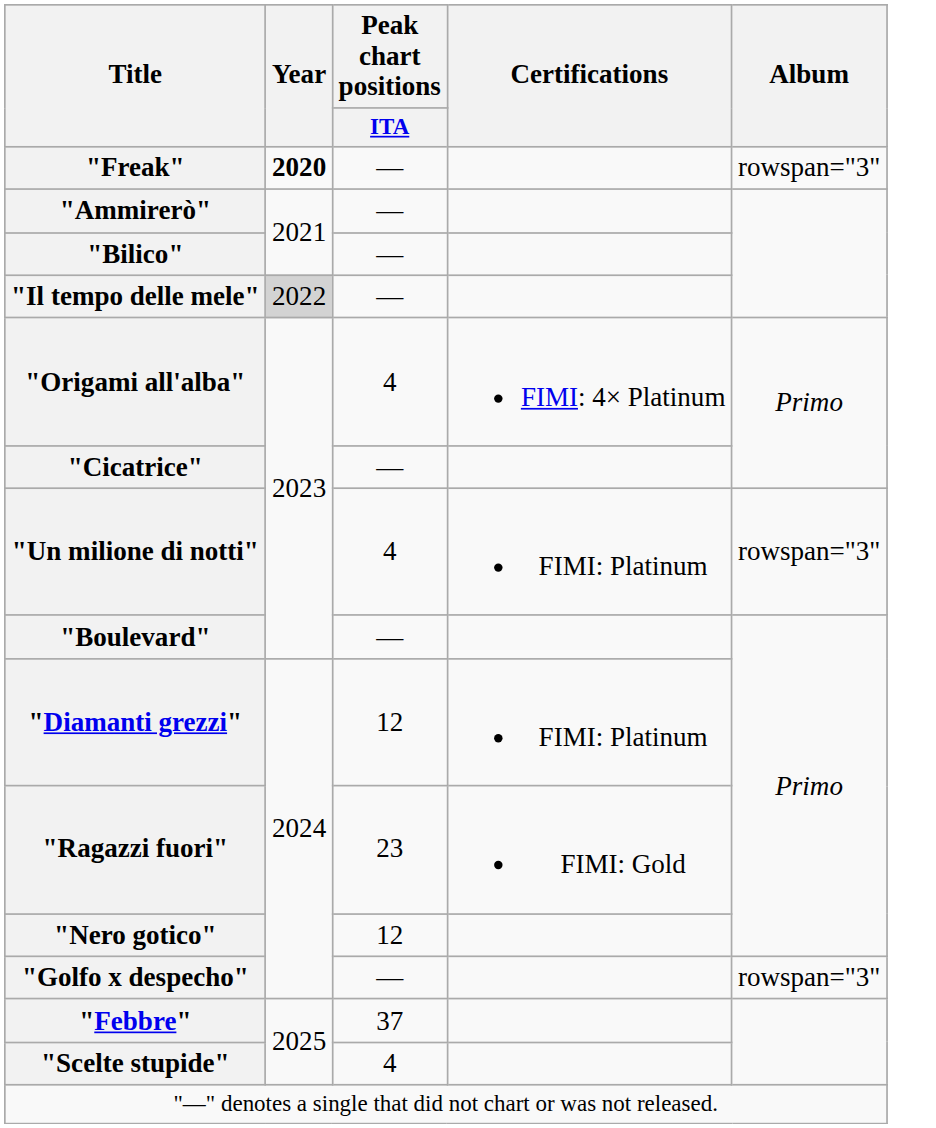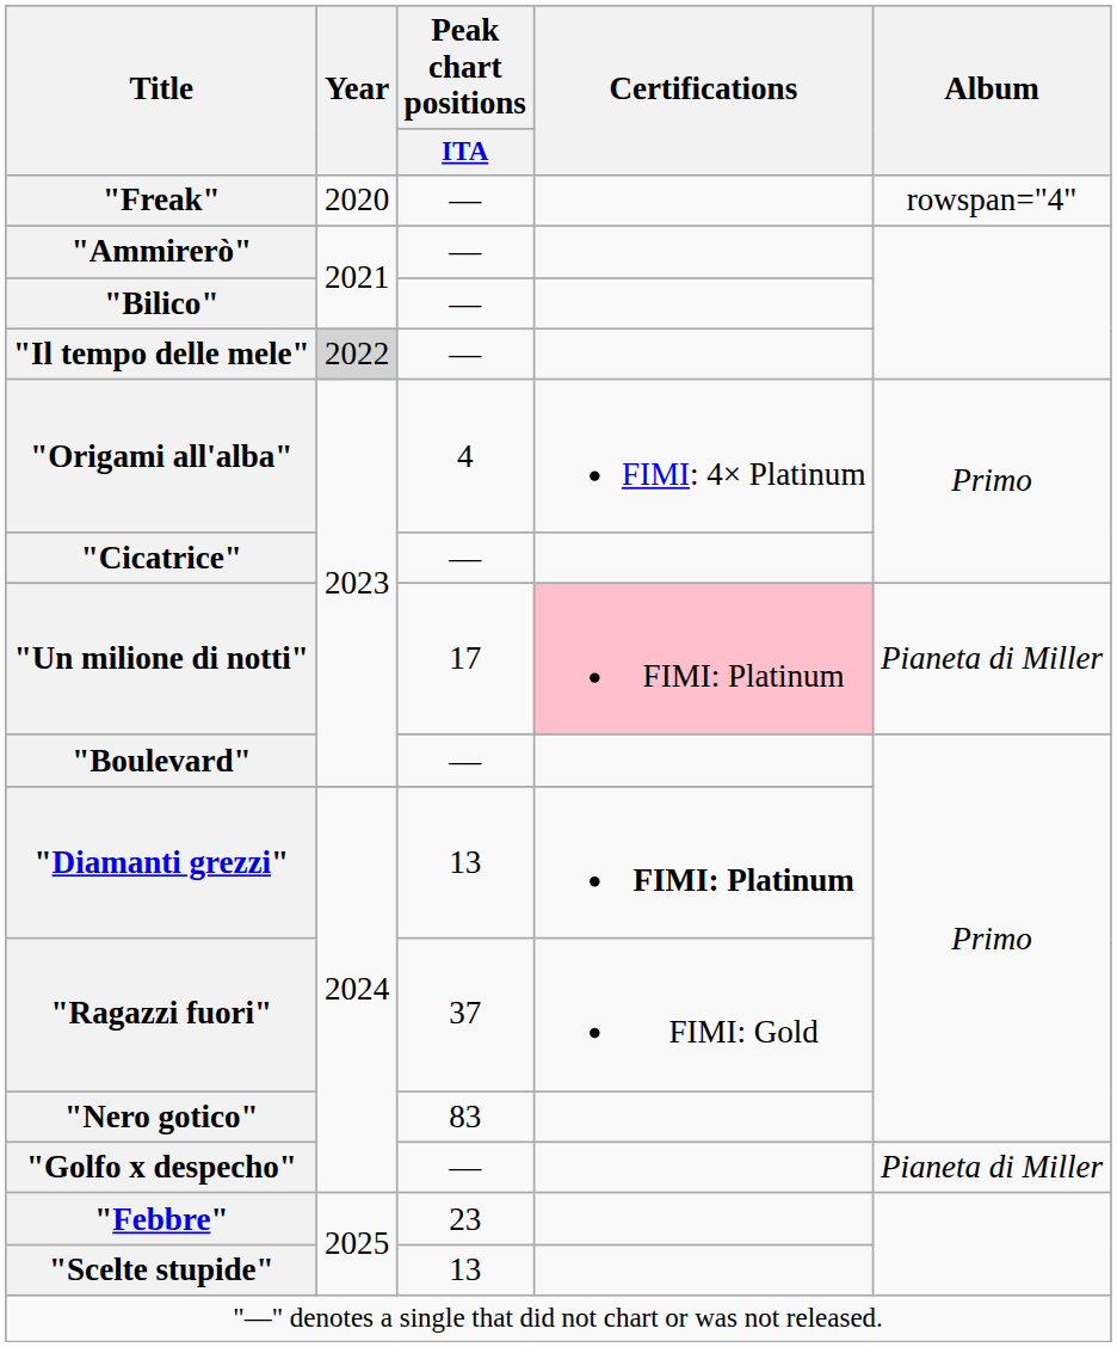 <table class="wikitable plainrowheaders" style="text-align:center;">
 <tr>
 <th scope="col" rowspan="2">Title</th>
 <th scope="col" rowspan="2">Year</th>
 <th scope="col" colspan="1">Peak chart positions</th>
 <th scope="col" rowspan="2">Certifications</th>
 <th scope="col" rowspan="2">Album</th>
 </tr>
 <tr>
 <th scope="col" style="width:3em;font-size:85%;"><a href='#'>ITA</a><br></th>
 </tr>
 <tr>
 <th scope="row">"Freak"</th>
-<td><strong>2020</strong></td>
+<td>2020</td>
 <td>—</td>
 <td></td>
-<td>rowspan="3" </td>
+<td>rowspan="4" </td>
 </tr>
 <tr>
 <th scope="row">"Ammirerò"<br></th>
 <td rowspan="2">2021</td>
 <td>—</td>
 <td></td>
 </tr>
 <tr>
 <th scope="row">"Bilico"<br></th>
 <td>—</td>
 <td></td>
 </tr>
 <tr>
 <th scope="row">"Il tempo delle mele"</th>
 <td style="background: lightgrey;">2022</td>
 <td>—</td>
 <td></td>
 </tr>
 <tr>
 <th scope="row">"Origami all'alba"<br></th>
 <td rowspan="4">2023</td>
 <td>4</td>
 <td><br><ul><li><a href='#'>FIMI</a>: 4× Platinum</li></ul></td>
 <td rowspan="2"><em>Primo</em></td>
 </tr>
 <tr>
 <th scope="row">"Cicatrice"</th>
 <td>—</td>
 <td></td>
 </tr>
 <tr>
 <th scope="row">"Un milione di notti"<br></th>
-<td>4</td>
-<td><br><ul><li>FIMI: Platinum</li></ul></td>
-<td>rowspan="3" </td>
+<td>17</td>
+<td style="background: pink;"><br><ul><li>FIMI: Platinum</li></ul></td>
+<td><em>Pianeta di Miller</em></td>
 </tr>
 <tr>
 <th scope="row">"Boulevard"</th>
 <td>—</td>
 <td></td>
 <td rowspan="4"><em>Primo</em></td>
 </tr>
 <tr>
 <th scope="row">"<a href='#'>Diamanti grezzi</a>"</th>
 <td rowspan="4">2024</td>
-<td>12</td>
-<td><br><ul><li>FIMI: Platinum</li></ul></td>
+<td>13</td>
+<td><strong><br><ul><li>FIMI: Platinum</li></ul></strong></td>
 </tr>
 <tr>
 <th scope="row">"Ragazzi fuori"</th>
-<td>23</td>
+<td>37</td>
 <td><br><ul><li>FIMI: Gold</li></ul></td>
 </tr>
 <tr>
 <th scope="row">"Nero gotico"</th>
-<td>12</td>
+<td>83</td>
 <td></td>
 </tr>
 <tr>
 <th scope="row">"Golfo x despecho"<br></th>
 <td>—</td>
 <td></td>
-<td>rowspan="3" </td>
+<td><em>Pianeta di Miller</em></td>
 </tr>
 <tr>
 <th scope="row">"<a href='#'>Febbre</a>"</th>
 <td rowspan="2">2025</td>
-<td>37</td>
+<td>23</td>
 <td></td>
 </tr>
 <tr>
 <th scope="row">"Scelte stupide"<br></th>
-<td>4</td>
+<td>13</td>
 <td></td>
 </tr>
 <tr>
 <td colspan="5" style="font-size:85%;">"—" denotes a single that did not chart or was not released.</td>
 </tr>
 </table>
